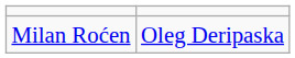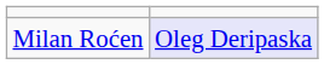 <table class="wikitable" style="text-align:left; float:right; margin-right:9px; margin-left:2px;">
 <tr>
 <td style="text-align:left;"></td>
 <td style="text-align:left;"></td>
 </tr>
 <tr>
 <td style="text-align:center;"><a href='#'>Milan Roćen</a></td>
-<td style="text-align:center;"><a href='#'>Oleg Deripaska</a></td>
+<td style="background: lavender; text-align:center;"><a href='#'>Oleg Deripaska</a></td>
 </tr>
 </table>
